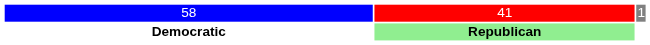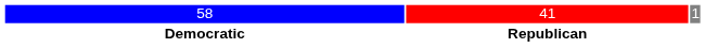 <table style="width:60%; text-align:center;">
 <tr style="color:white;">
 <td style="background:blue; width:58.0%;">58</td>
 <td style="background:red; width:41.0%;">41</td>
 <td style="background:grey; width:1.0%;">1</td>
 </tr>
 <tr>
 <td><span><strong>Democratic</strong></span></td>
-<td style="background: lightgreen;"><span><strong>Republican</strong></span></td>
+<td><span><strong>Republican</strong></span></td>
 </tr>
 </table>
